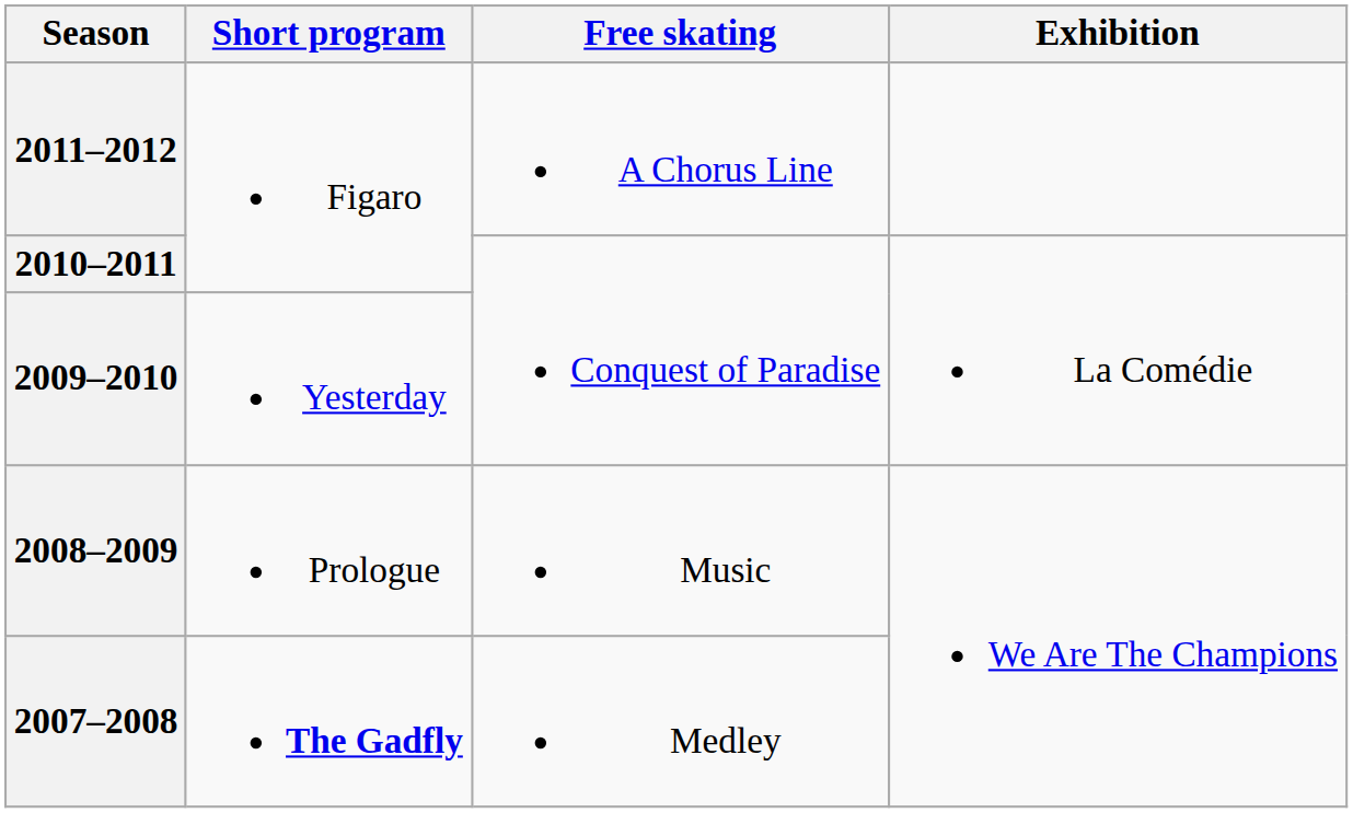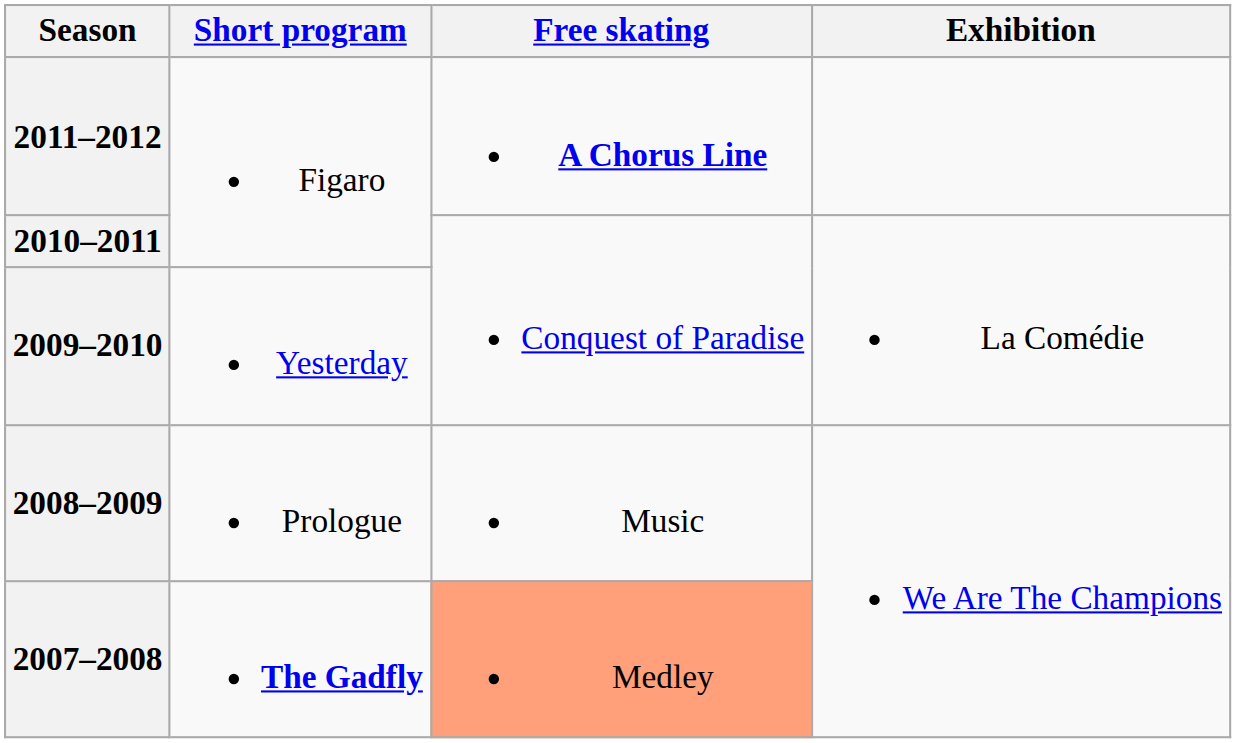 <table class="wikitable" style="text-align:center">
 <tr>
 <th>Season</th>
 <th><a href='#'>Short program</a></th>
 <th><a href='#'>Free skating</a></th>
 <th>Exhibition</th>
 </tr>
 <tr>
 <th>2011–2012 <br> </th>
 <td rowspan=2><br><ul><li>Figaro <br></li></ul></td>
-<td><br><ul><li><a href='#'>A Chorus Line</a> <br></li></ul></td>
+<td><strong><br><ul><li><a href='#'>A Chorus Line</a> <br></li></ul></strong></td>
 <td></td>
 </tr>
 <tr>
 <th>2010–2011 <br> </th>
 <td rowspan=2><br><ul><li><a href='#'>Conquest of Paradise</a> <br></li></ul></td>
 <td rowspan=2><br><ul><li>La Comédie <br></li></ul></td>
 </tr>
 <tr>
 <th>2009–2010</th>
 <td><br><ul><li><a href='#'>Yesterday</a> <br></li></ul></td>
 </tr>
 <tr>
 <th>2008–2009 <br> </th>
 <td><br><ul><li>Prologue <br></li></ul></td>
 <td><br><ul><li>Music <br></li></ul></td>
 <td rowspan=2><br><ul><li><a href='#'>We Are The Champions</a> <br></li></ul></td>
 </tr>
 <tr>
 <th>2007–2008 <br> </th>
 <td><strong><br><ul><li><a href='#'>The Gadfly</a> <br></li></ul></strong></td>
-<td><br><ul><li>Medley <br></li></ul></td>
+<td style="background: lightsalmon;"><br><ul><li>Medley <br></li></ul></td>
 </tr>
 </table>
